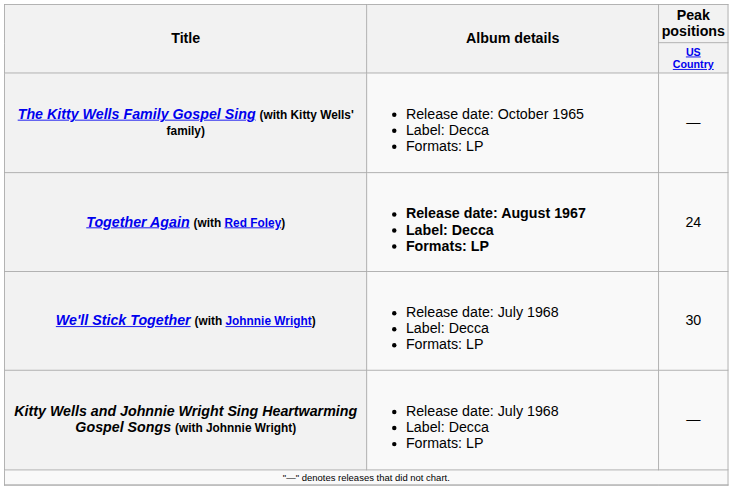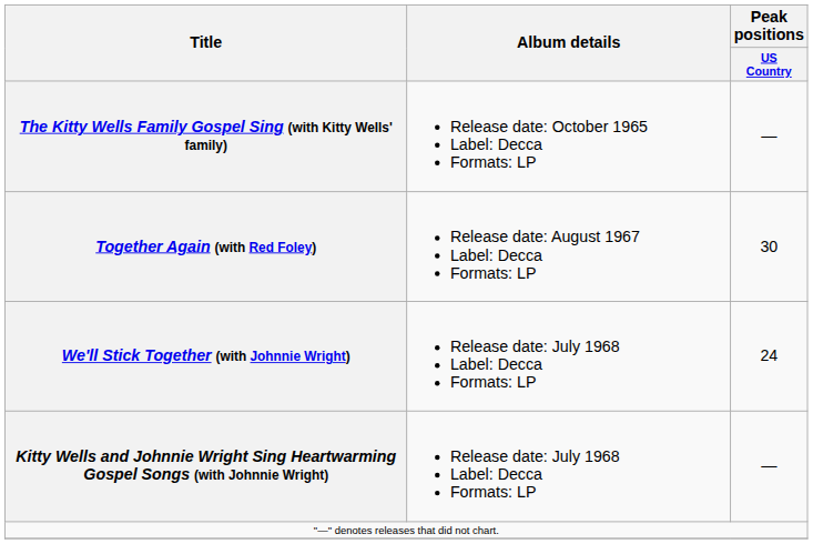 <table class="wikitable plainrowheaders" style="text-align:center;">
 <tr>
 <th scope="col" rowspan="2" style="width:25em;">Title</th>
 <th scope="col" rowspan="2" style="width:20em;">Album details</th>
 <th scope="col" colspan="1">Peak<br>positions</th>
 </tr>
 <tr>
 <th scope="col" style="width:4.5em;font-size:75%;"><a href='#'>US<br>Country</a><br></th>
 </tr>
 <tr>
 <th scope="row"><em><a href='#'>The Kitty Wells Family Gospel Sing</a></em> <small>(with Kitty Wells' family)</small></th>
 <td align="left"><br><ul><li>Release date: October 1965</li><li>Label: Decca</li><li>Formats: LP</li></ul></td>
 <td>—</td>
 </tr>
 <tr>
 <th scope="row"><em><a href='#'>Together Again</a></em> <small>(with <a href='#'>Red Foley</a>)</small></th>
-<td align="left"><strong><br><ul><li>Release date: August 1967</li><li>Label: Decca</li><li>Formats: LP</li></ul></strong></td>
-<td>24</td>
+<td align="left"><br><ul><li>Release date: August 1967</li><li>Label: Decca</li><li>Formats: LP</li></ul></td>
+<td>30</td>
 </tr>
 <tr>
 <th scope="row"><em><a href='#'>We'll Stick Together</a></em> <small>(with <a href='#'>Johnnie Wright</a>)</small></th>
 <td align="left"><br><ul><li>Release date: July 1968</li><li>Label: Decca</li><li>Formats: LP</li></ul></td>
-<td>30</td>
+<td>24</td>
 </tr>
 <tr>
 <th scope="row"><em>Kitty Wells and Johnnie Wright Sing Heartwarming<br>Gospel Songs</em> <small>(with Johnnie Wright)</small></th>
 <td align="left"><br><ul><li>Release date: July 1968</li><li>Label: Decca</li><li>Formats: LP</li></ul></td>
 <td>—</td>
 </tr>
 <tr>
 <td align="center" colspan="10" style="font-size: 8pt">"—" denotes releases that did not chart.</td>
 </tr>
 <tr>
 </tr>
 </table>
